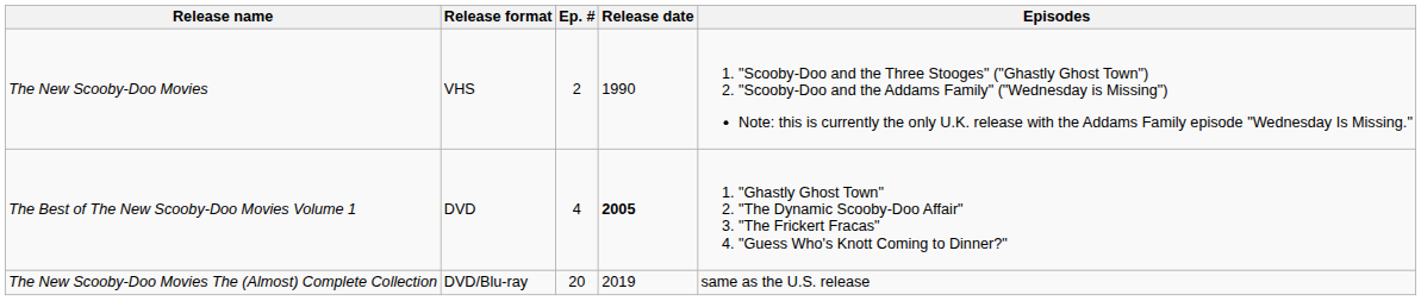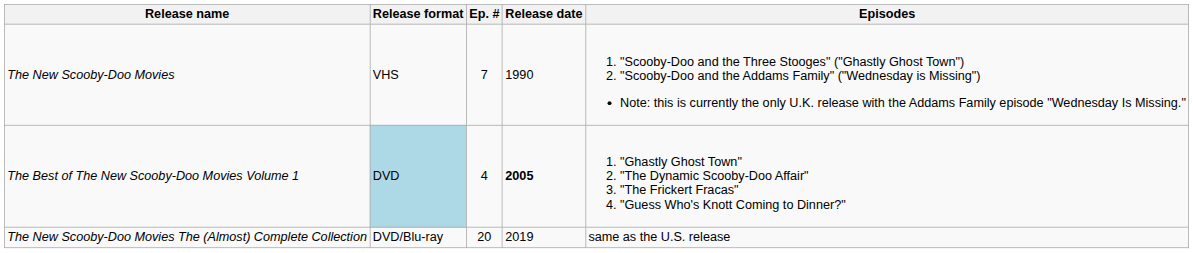 <table class="wikitable">
 <tr>
 <th>Release name</th>
 <th>Release format</th>
 <th>Ep. #</th>
 <th>Release date</th>
 <th>Episodes</th>
 </tr>
 <tr>
 <td><em>The New Scooby-Doo Movies</em></td>
 <td>VHS</td>
-<td style="text-align:center;">2</td>
+<td style="text-align:center;">7</td>
 <td>1990</td>
 <td><br><ol><li>"Scooby-Doo and the Three Stooges" ("Ghastly Ghost Town")</li><li>"Scooby-Doo and the Addams Family" ("Wednesday is Missing")</li></ol><ul><li>Note: this is currently the only U.K. release with the Addams Family episode "Wednesday Is Missing."</li></ul></td>
 </tr>
 <tr>
 <td><em>The Best of The New Scooby-Doo Movies Volume 1</em></td>
-<td>DVD</td>
+<td style="background: lightblue;">DVD</td>
 <td style="text-align:center;">4</td>
 <td><strong>2005</strong></td>
 <td><br><ol><li>"Ghastly Ghost Town"</li><li>"The Dynamic Scooby-Doo Affair"</li><li>"The Frickert Fracas"</li><li>"Guess Who's Knott Coming to Dinner?"</li></ol></td>
 </tr>
 <tr>
 <td><em>The New Scooby-Doo Movies The (Almost) Complete Collection</em></td>
 <td>DVD/Blu-ray</td>
 <td style="text-align:center;">20</td>
 <td>2019</td>
 <td>same as the U.S. release</td>
 </tr>
 </table>
